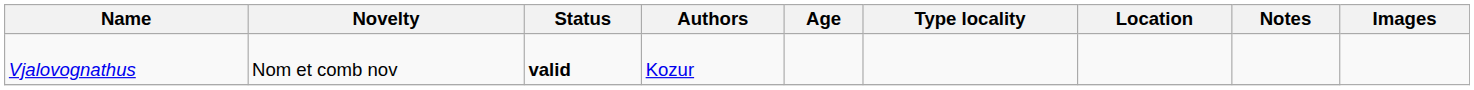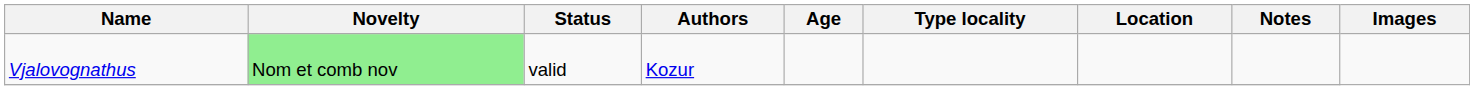 <table class="wikitable sortable" align="center" width="100%">
 <tr>
 <th>Name</th>
 <th>Novelty</th>
 <th>Status</th>
 <th>Authors</th>
 <th>Age</th>
 <th>Type locality</th>
 <th>Location</th>
 <th>Notes</th>
 <th>Images</th>
 </tr>
 <tr>
 <td><br><em><a href='#'>Vjalovognathus</a></em></td>
-<td><br>Nom et comb nov</td>
-<td><strong><br>valid</strong></td>
+<td style="background: lightgreen;"><br>Nom et comb nov</td>
+<td><br>valid</td>
 <td><br><a href='#'>Kozur</a></td>
 <td></td>
 <td></td>
 <td></td>
 <td></td>
 </tr>
 <tr>
 </tr>
 </table>
